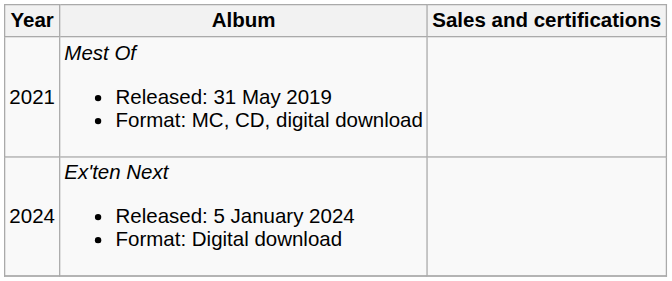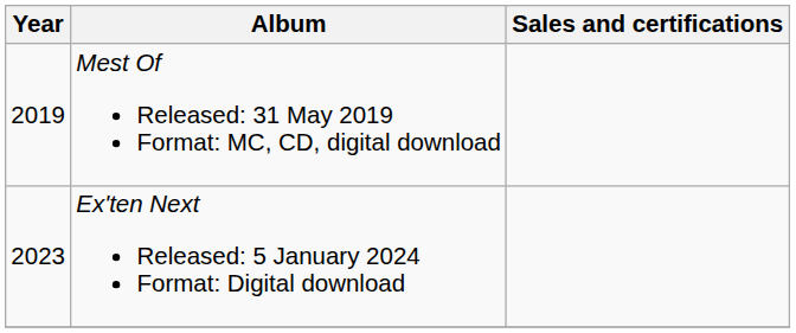 <table class="wikitable">
 <tr>
 <th>Year</th>
 <th>Album</th>
 <th>Sales and certifications</th>
 </tr>
 <tr>
-<td>2021</td>
+<td>2019</td>
 <td><em>Mest Of</em><br><ul><li>Released: 31 May 2019</li><li>Format: MC, CD, digital download</li></ul></td>
 <td></td>
 </tr>
 <tr>
-<td>2024</td>
+<td>2023</td>
 <td><em>Ex'ten Next</em><br><ul><li>Released: 5 January 2024</li><li>Format: Digital download</li></ul></td>
 <td></td>
 </tr>
 <tr>
 </tr>
 </table>
